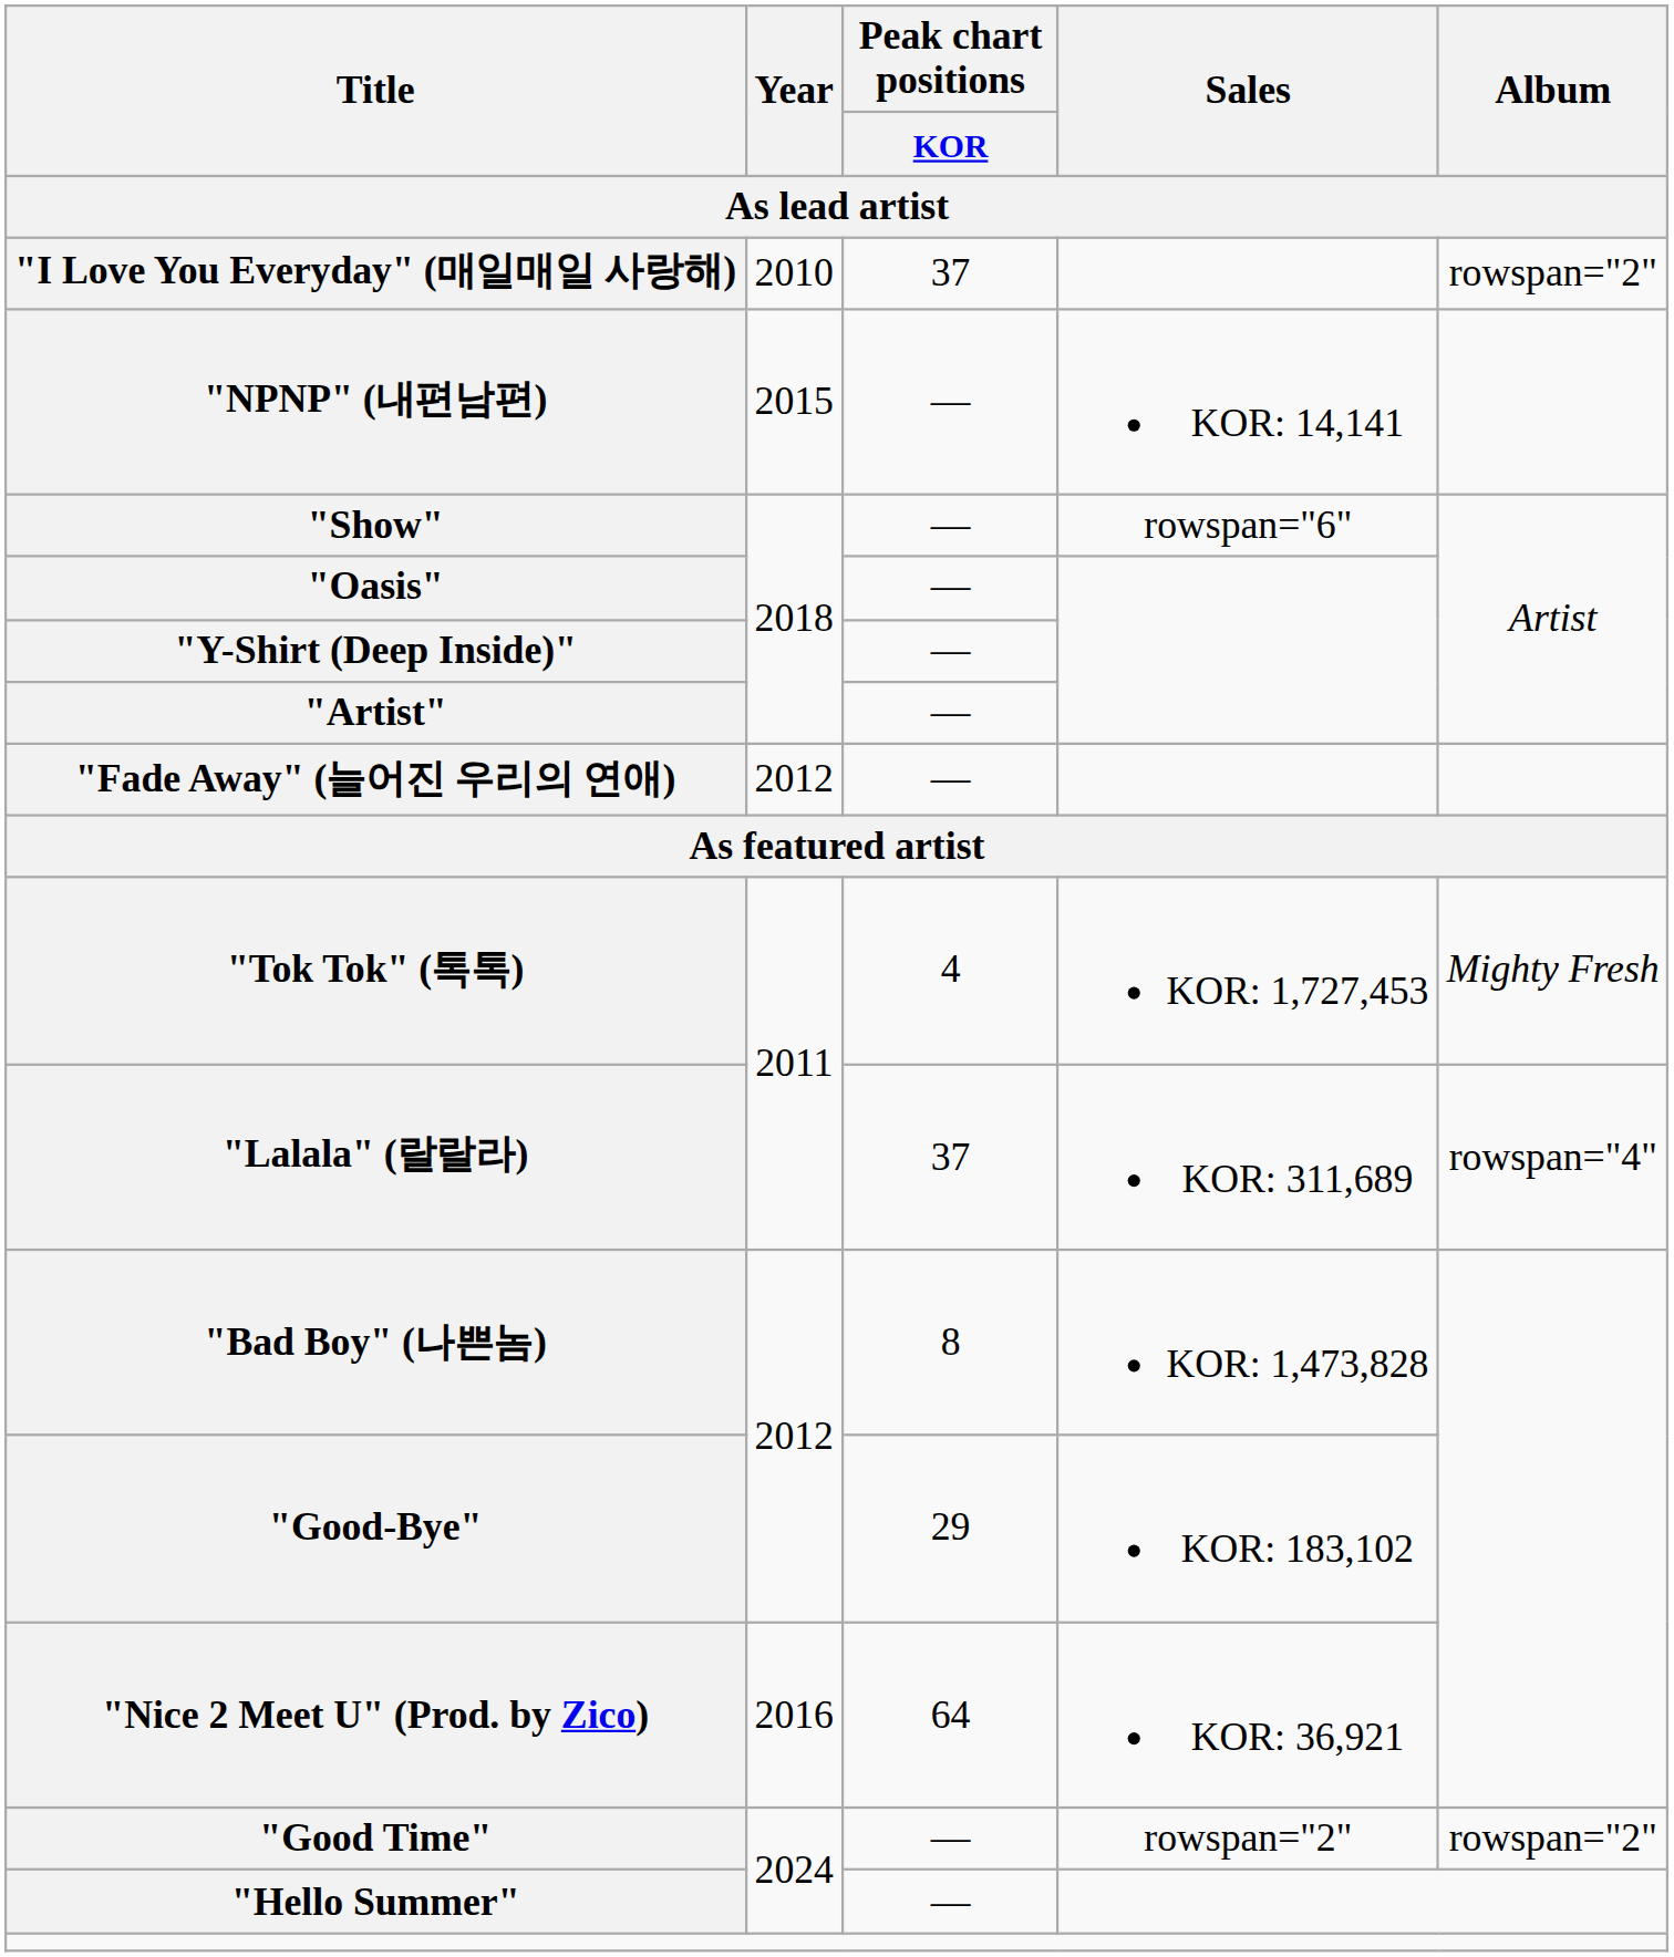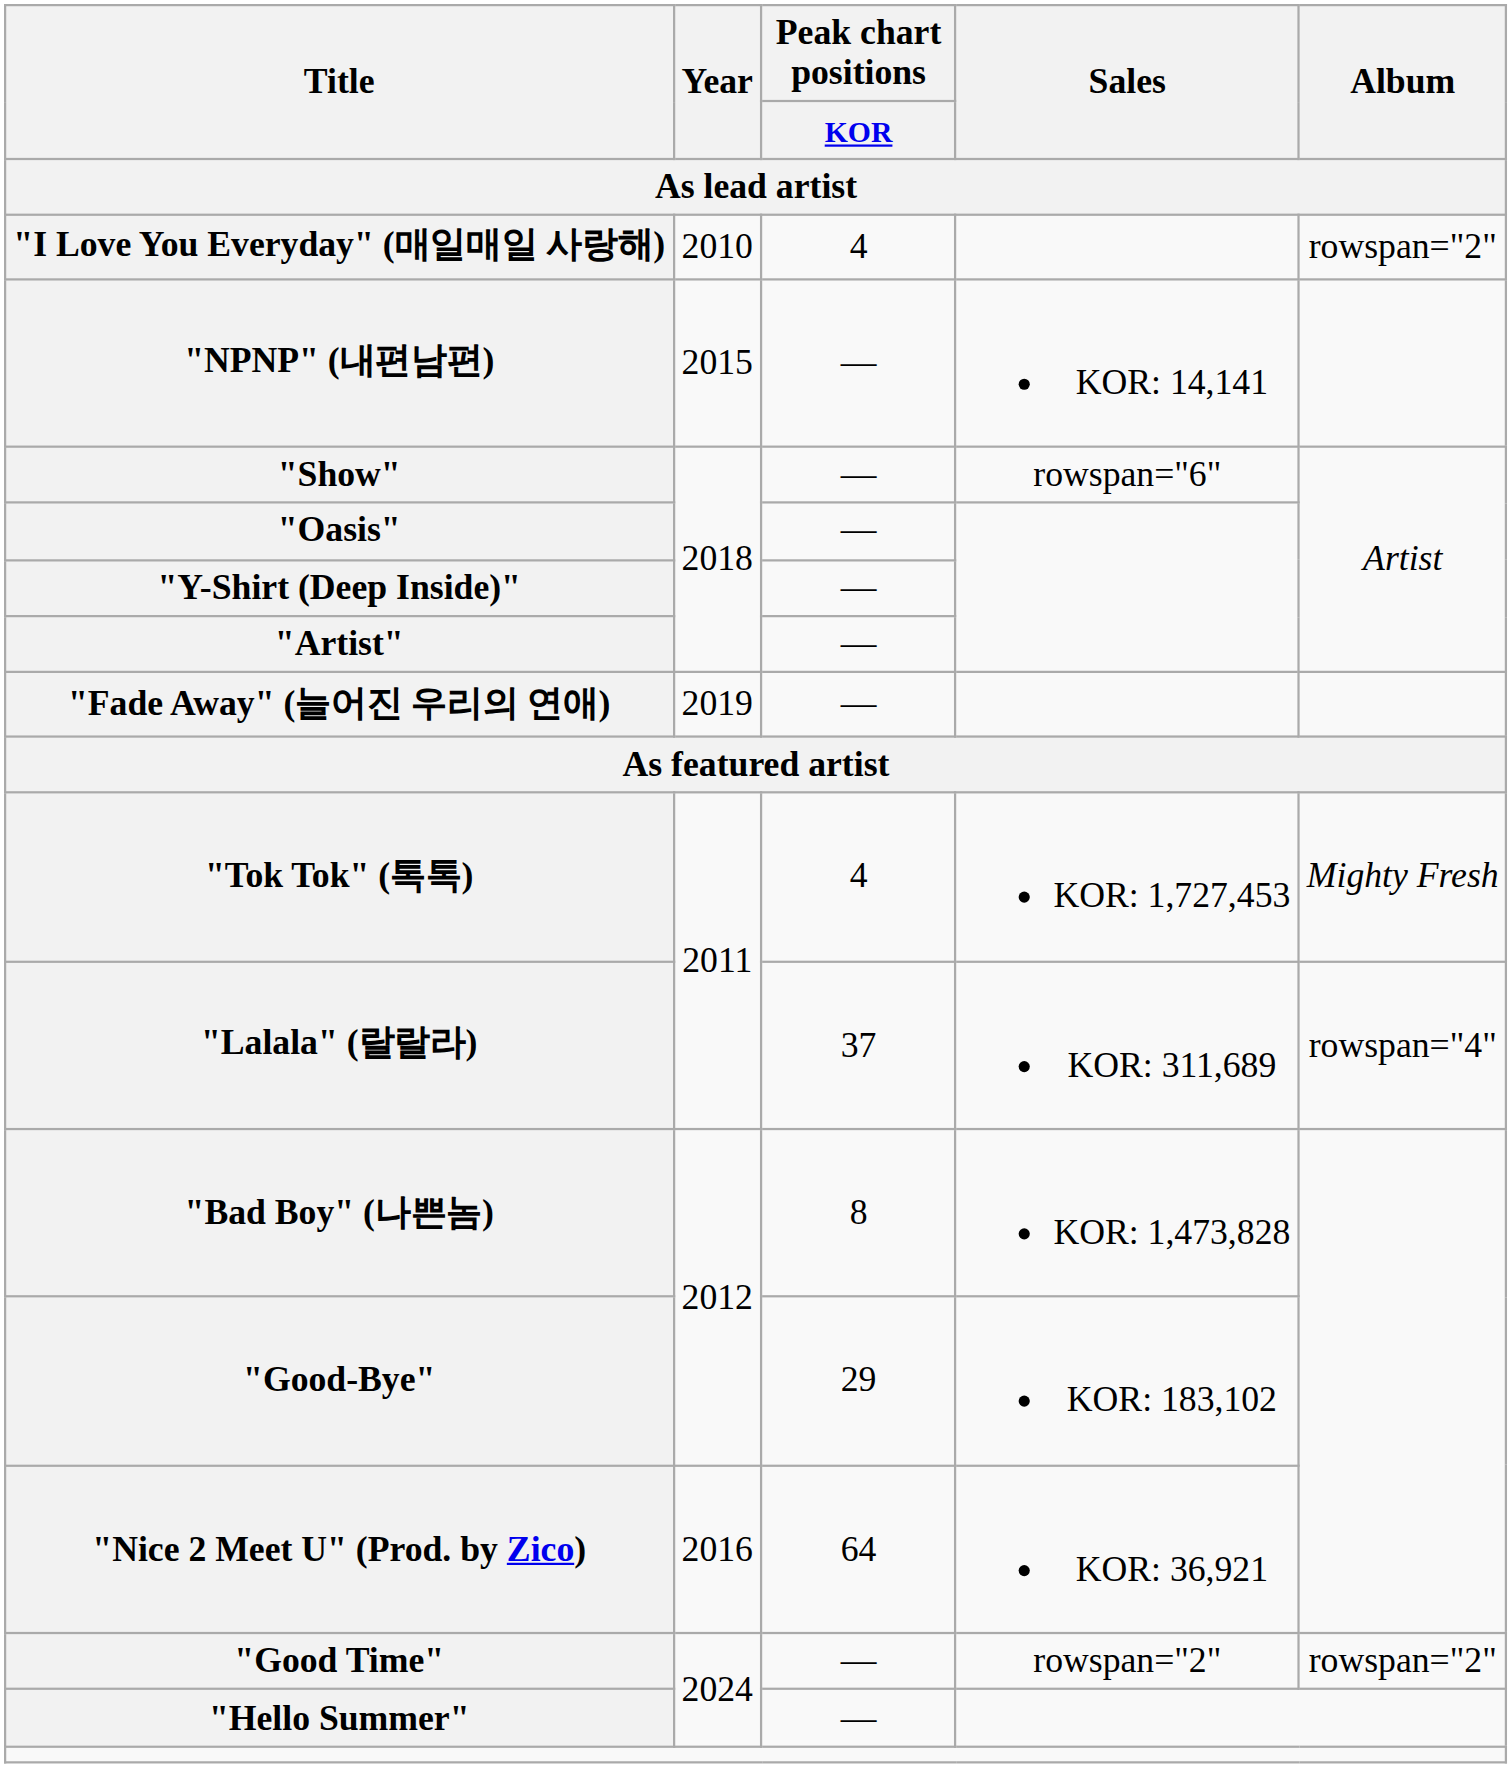 <table class="wikitable plainrowheaders" style="text-align:center;">
 <tr>
 <th rowspan="2" scope="col">Title</th>
 <th rowspan="2" scope="col">Year</th>
 <th colspan="1" scope="col" style="width:5em;">Peak chart positions</th>
 <th rowspan="2" scope="col">Sales</th>
 <th rowspan="2" scope="col">Album</th>
 </tr>
 <tr>
 <th><small><a href='#'>KOR</a></small><br></th>
 </tr>
 <tr>
 <th colspan="5">As lead artist</th>
 </tr>
 <tr>
 <th scope="row">"I Love You Everyday" (매일매일 사랑해)<br></th>
 <td>2010</td>
-<td>37</td>
+<td>4</td>
 <td></td>
 <td>rowspan="2" </td>
 </tr>
 <tr>
 <th scope="row">"NPNP" (내편남편)<br></th>
 <td>2015</td>
 <td>—</td>
 <td><br><ul><li>KOR: 14,141</li></ul></td>
 </tr>
 <tr>
 <th scope="row">"Show"</th>
 <td rowspan="4">2018</td>
 <td>—</td>
 <td>rowspan="6" </td>
 <td rowspan="4"><em>Artist</em></td>
 </tr>
 <tr>
 <th scope="row">"Oasis"</th>
 <td>—</td>
 </tr>
 <tr>
 <th scope="row">"Y-Shirt (Deep Inside)"<br></th>
 <td>—</td>
 </tr>
 <tr>
 <th scope="row">"Artist"</th>
 <td>—</td>
 </tr>
 <tr>
 <th scope="row">"Fade Away" (늘어진 우리의 연애)</th>
-<td>2012</td>
+<td>2019</td>
 <td>—</td>
 <td></td>
 </tr>
 <tr>
 <th colspan="5">As featured artist</th>
 </tr>
 <tr>
 <th scope="row">"Tok Tok" (톡톡)<br></th>
 <td rowspan="2">2011</td>
 <td>4</td>
 <td><br><ul><li>KOR: 1,727,453</li></ul></td>
 <td><em>Mighty Fresh</em></td>
 </tr>
 <tr>
 <th scope="row">"Lalala" (랄랄라)<br></th>
 <td>37</td>
 <td><br><ul><li>KOR: 311,689</li></ul></td>
 <td>rowspan="4" </td>
 </tr>
 <tr>
 <th scope="row">"Bad Boy" (나쁜놈)<br></th>
 <td rowspan=2>2012</td>
 <td>8</td>
 <td><br><ul><li>KOR: 1,473,828</li></ul></td>
 </tr>
 <tr>
 <th scope="row">"Good-Bye"<br></th>
 <td>29</td>
 <td><br><ul><li>KOR: 183,102</li></ul></td>
 </tr>
 <tr>
 <th scope="row">"Nice 2 Meet U" (Prod. by <a href='#'>Zico</a>)<br></th>
 <td>2016</td>
 <td>64</td>
 <td><br><ul><li>KOR: 36,921</li></ul></td>
 </tr>
 <tr>
 <th scope="row">"Good Time"<br></th>
 <td rowspan="2">2024</td>
 <td>—</td>
 <td>rowspan="2" </td>
 <td>rowspan="2" </td>
 </tr>
 <tr>
 <th scope="row">"Hello Summer"<br></th>
 <td>—</td>
 </tr>
 <tr>
 <td colspan="5"></td>
 </tr>
 </table>
